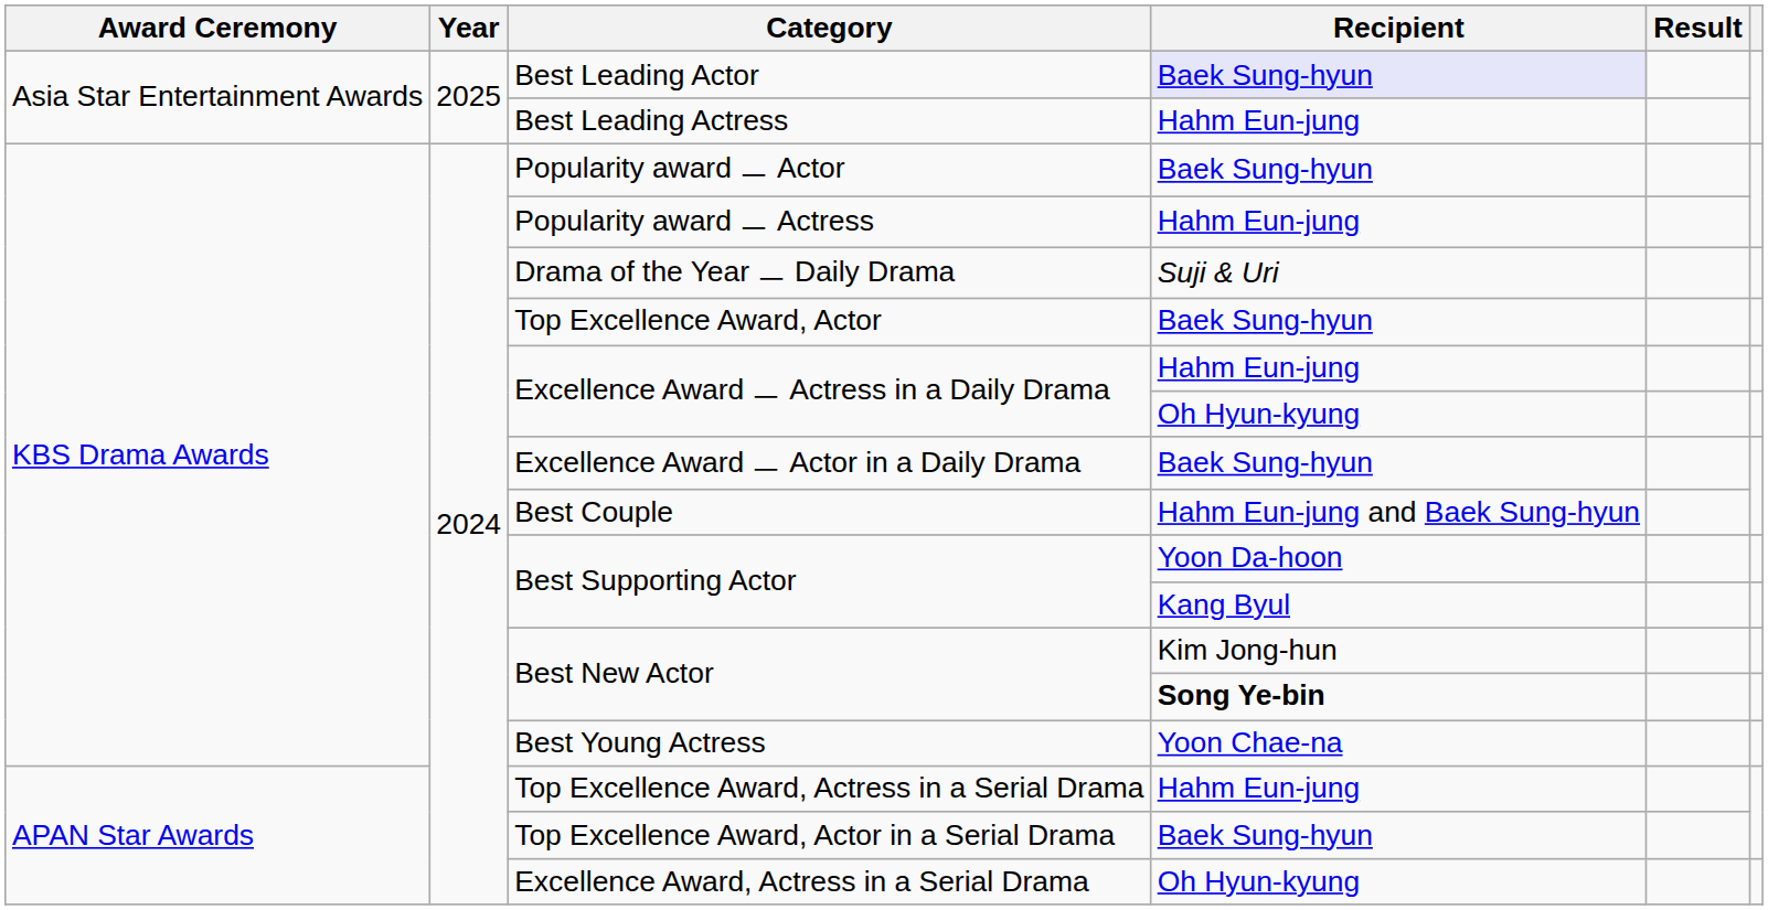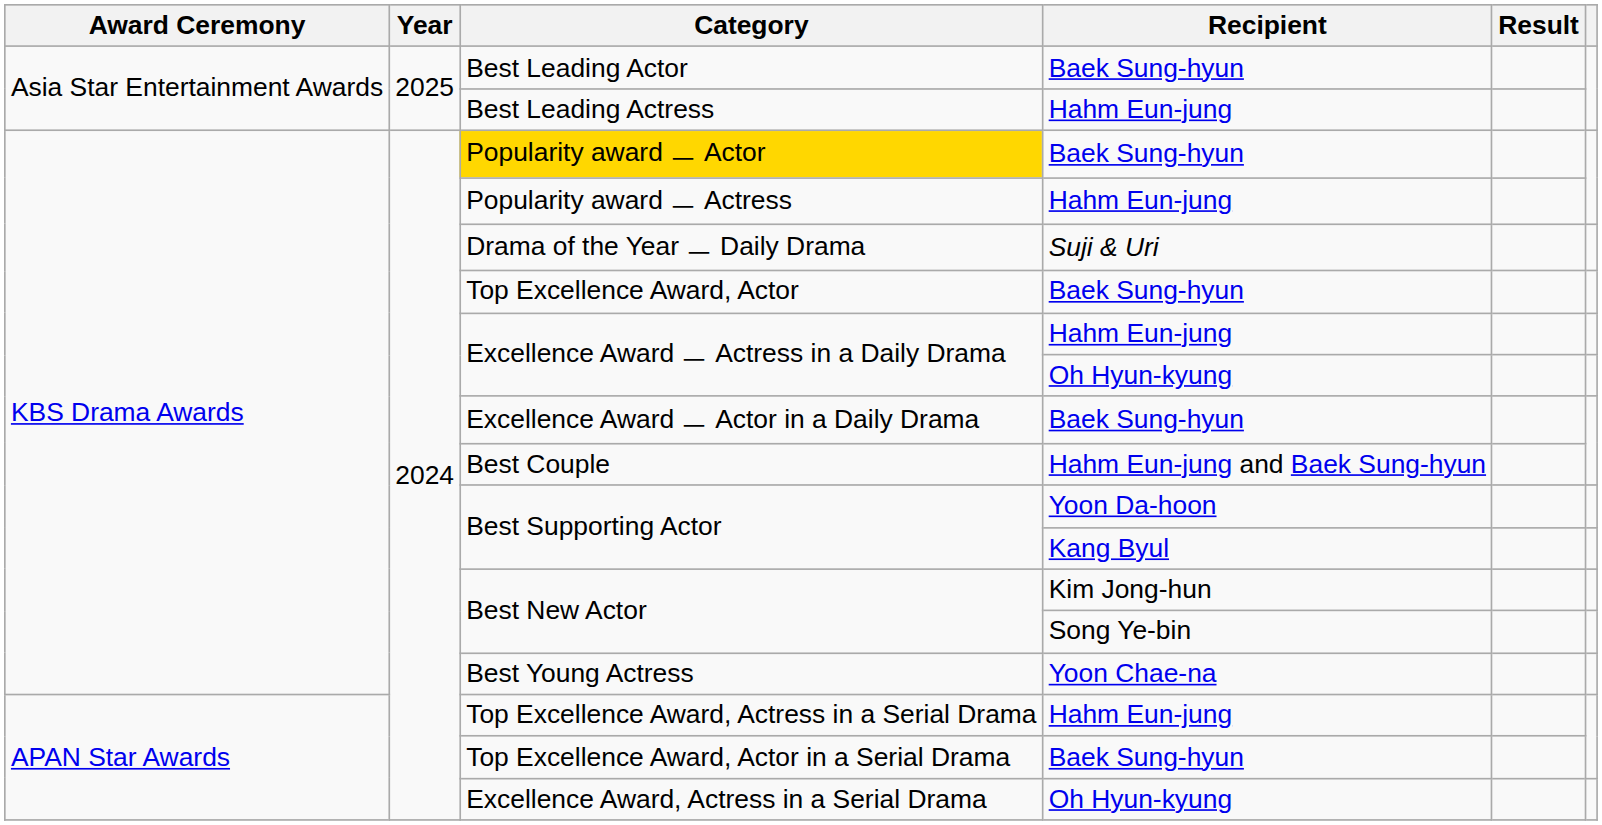 <table class="wikitable">
 <tr>
 <th scope="col">Award Ceremony</th>
 <th scope="col">Year</th>
 <th scope="col">Category</th>
 <th>Recipient</th>
 <th scope="col">Result</th>
 <th scope="col" class="unsortable"></th>
 </tr>
 <tr>
 <td rowspan="2">Asia Star Entertainment Awards</td>
 <td rowspan="2">2025</td>
 <td>Best Leading Actor</td>
-<td style="background: lavender;"><a href='#'>Baek Sung-hyun</a></td>
+<td><a href='#'>Baek Sung-hyun</a></td>
 <td></td>
 <td rowspan="2"></td>
 </tr>
 <tr>
 <td>Best Leading Actress</td>
 <td><a href='#'>Hahm Eun-jung</a></td>
 <td></td>
 </tr>
 <tr>
 <td rowspan="13"><a href='#'>KBS Drama Awards</a></td>
 <td rowspan="16">2024</td>
-<td>Popularity award ㅡ Actor</td>
+<td style="background: gold;">Popularity award ㅡ Actor</td>
 <td><a href='#'>Baek Sung-hyun</a></td>
 <td></td>
 <td rowspan="2"></td>
 </tr>
 <tr>
 <td>Popularity award ㅡ Actress</td>
 <td><a href='#'>Hahm Eun-jung</a></td>
 <td></td>
 </tr>
 <tr>
 <td>Drama of the Year ㅡ Daily Drama</td>
 <td><em>Suji & Uri</em></td>
 <td></td>
 <td></td>
 </tr>
 <tr>
 <td>Top Excellence Award, Actor</td>
 <td><a href='#'>Baek Sung-hyun</a></td>
 <td></td>
 <td></td>
 </tr>
 <tr>
 <td rowspan="2">Excellence Award ㅡ Actress in a Daily Drama</td>
 <td><a href='#'>Hahm Eun-jung</a></td>
 <td></td>
 <td></td>
 </tr>
 <tr>
 <td><a href='#'>Oh Hyun-kyung</a></td>
 <td></td>
 <td></td>
 </tr>
 <tr>
 <td>Excellence Award ㅡ Actor in a Daily Drama</td>
 <td><a href='#'>Baek Sung-hyun</a></td>
 <td></td>
 <td rowspan="2"></td>
 </tr>
 <tr>
 <td>Best Couple </td>
 <td><a href='#'>Hahm Eun-jung</a> and <a href='#'>Baek Sung-hyun</a></td>
 <td></td>
 </tr>
 <tr>
 <td rowspan="2">Best Supporting Actor</td>
 <td><a href='#'>Yoon Da-hoon</a></td>
 <td></td>
 <td></td>
 </tr>
 <tr>
 <td><a href='#'>Kang Byul</a></td>
 <td></td>
 <td></td>
 </tr>
 <tr>
 <td rowspan="2">Best New Actor</td>
 <td>Kim Jong-hun</td>
 <td></td>
 <td></td>
 </tr>
 <tr>
-<td><strong>Song Ye-bin</strong></td>
+<td>Song Ye-bin</td>
 <td></td>
 <td></td>
 </tr>
 <tr>
 <td>Best Young Actress</td>
 <td><a href='#'>Yoon Chae-na</a></td>
 <td></td>
 <td></td>
 </tr>
 <tr>
 <td rowspan="3"><a href='#'>APAN Star Awards</a></td>
 <td>Top Excellence Award, Actress in a Serial Drama</td>
 <td><a href='#'>Hahm Eun-jung</a></td>
 <td></td>
 <td rowspan="2"></td>
 </tr>
 <tr>
 <td>Top Excellence Award, Actor in a Serial Drama</td>
 <td><a href='#'>Baek Sung-hyun</a></td>
 <td></td>
 </tr>
 <tr>
 <td>Excellence Award, Actress in a Serial Drama</td>
 <td><a href='#'>Oh Hyun-kyung</a></td>
 <td></td>
 <td></td>
 </tr>
 </table>
